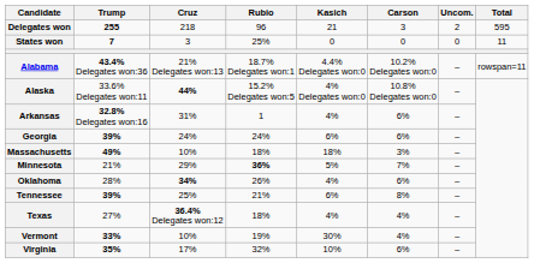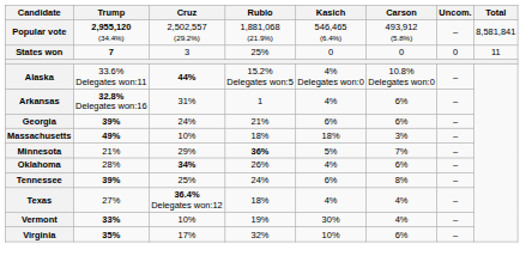 <table class="wikitable" style="font-size:12px; text-align: center;">
 <tr>
 <th>Candidate</th>
 <th><strong>Trump</strong></th>
 <th>Cruz</th>
 <th>Rubio</th>
 <th>Kasich</th>
 <th>Carson</th>
 <th>Uncom.</th>
 <th>Total</th>
 </tr>
 <tr>
-<th scope="row">Delegates won </th>
-<td><strong>255</strong></td>
-<td>    218  </td>
-<td>   96  </td>
-<td> 21  </td>
-<td>  3 </td>
-<td> 2    </td>
-<td>595</td>
+<th scope="row">Popular vote</th>
+<td><strong>2,955,120</strong><br><small>(34.4%)</small> </td>
+<td>    2,502,557<br><small>(29.2%)</small>   </td>
+<td>   1,881,068<br><small>(21.9%)</small>   </td>
+<td> 546,465<br><small>(6.4%)</small>   </td>
+<td>  493,912<br><small>(5.8%)</small>   </td>
+<td>–</td>
+<td>8,581,841 </td>
 </tr>
 <tr>
 <th scope="row">States won</th>
 <td><strong>7</strong>  </td>
 <td>3    </td>
 <td>25%</td>
 <td>0 </td>
 <td>0  </td>
 <td>0</td>
 <td>11</td>
 </tr>
 <tr>
 <th scope="row" colspan="8"></th>
-</tr>
-<tr>
-<th scope="row"><a href='#'>Alabama</a></th>
-<td><strong>43.4%</strong><br>Delegates won:36</td>
-<td>21%<br>Delegates won:13</td>
-<td>18.7%<br>Delegates won:1</td>
-<td>4.4%<br>Delegates won:0</td>
-<td>10.2%<br>Delegates won:0</td>
-<td>–</td>
-<td>rowspan=11 </td>
 </tr>
 <tr>
 <th scope="row">Alaska</th>
 <td>33.6%<br>Delegates won:11</td>
 <td><strong>44%</strong></td>
 <td>15.2%<br>Delegates won:5</td>
 <td>4%<br>Delegates won:0</td>
 <td>10.8%<br>Delegates won:0</td>
 <td>–</td>
 </tr>
 <tr>
 <th scope="row">Arkansas</th>
 <td><strong>32.8%</strong><br>Delegates won:16</td>
 <td>31%</td>
 <td>1   </td>
 <td>4%</td>
 <td>6%</td>
 <td>–</td>
 </tr>
 <tr>
 <th scope="row">Georgia</th>
 <td><strong>39%</strong></td>
 <td>24%</td>
-<td>24%</td>
+<td>21%</td>
 <td>6%</td>
 <td>6%</td>
 <td>–</td>
 </tr>
 <tr>
 <th scope="row">Massachusetts</th>
 <td><strong>49%</strong></td>
 <td>10%</td>
 <td>18%</td>
 <td>18%</td>
 <td>3%</td>
 <td>–</td>
 </tr>
 <tr>
 <th scope="row">Minnesota</th>
 <td>21%</td>
 <td>29%</td>
 <td><strong>36%</strong></td>
 <td>5%</td>
 <td>7%</td>
 <td>–</td>
 </tr>
 <tr>
 <th scope="row">Oklahoma</th>
 <td>28%</td>
 <td><strong>34%</strong></td>
 <td>26%</td>
 <td>4%</td>
 <td>6%</td>
 <td>–</td>
 </tr>
 <tr>
 <th scope="row">Tennessee</th>
 <td><strong>39%</strong></td>
 <td>25%</td>
-<td>21%</td>
+<td>24%</td>
 <td>6%</td>
 <td>8%</td>
 <td>–</td>
 </tr>
 <tr>
 <th scope="row">Texas</th>
 <td>27%</td>
 <td><strong>36.4%</strong><br>Delegates won:12</td>
 <td>18%</td>
 <td>4%</td>
 <td>4%</td>
 <td>–</td>
 </tr>
 <tr>
 <th scope="row">Vermont</th>
 <td><strong>33%</strong></td>
 <td>10%</td>
 <td>19%</td>
 <td>30%</td>
 <td>4%</td>
 <td>–</td>
 </tr>
 <tr>
 <th scope="row">Virginia</th>
 <td><strong>35%</strong></td>
 <td>17%</td>
 <td>32%</td>
 <td>10%</td>
 <td>6%</td>
 <td>–</td>
 </tr>
 </table>
